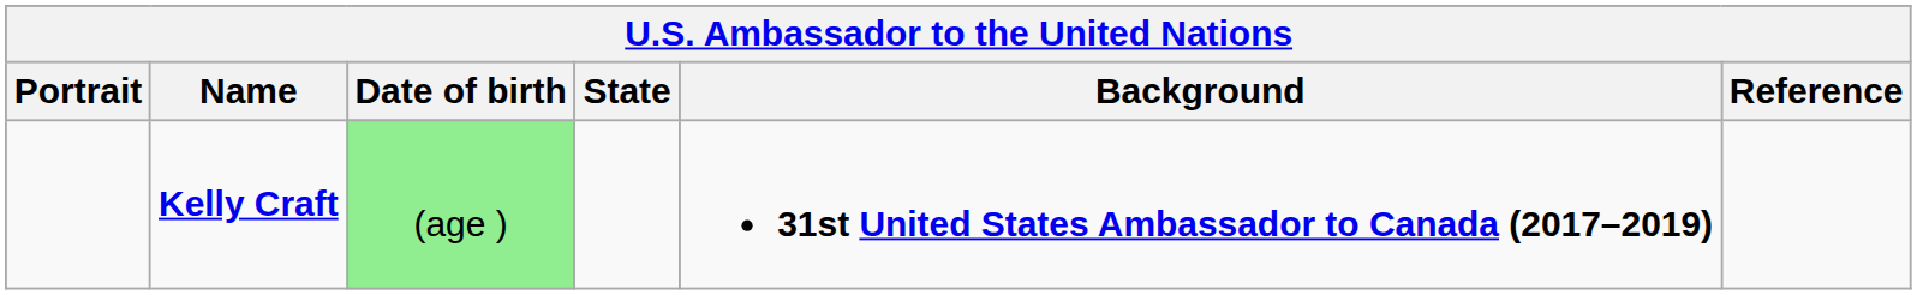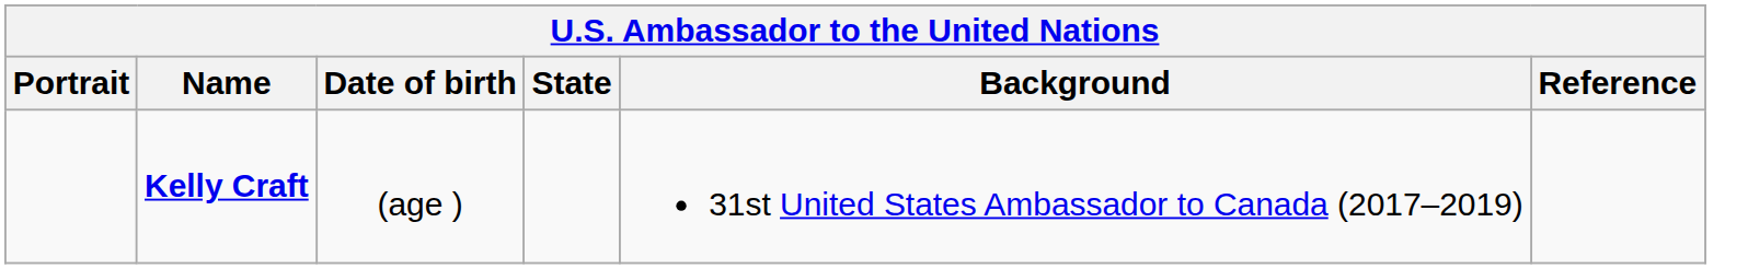 <table class="wikitable collapsible" style="text-align:center;">
 <tr>
 <th colspan="6"><a href='#'>U.S. Ambassador to the United Nations</a></th>
 </tr>
 <tr>
 <th>Portrait</th>
 <th>Name</th>
 <th>Date of birth</th>
 <th>State</th>
 <th>Background</th>
 <th>Reference</th>
 </tr>
 <tr>
 <td></td>
 <td><strong><a href='#'>Kelly Craft</a></strong></td>
-<td style="background: lightgreen;"><br>(age )</td>
+<td><br>(age )</td>
 <td></td>
-<td><strong><br><ul><li>31st <a href='#'>United States Ambassador to Canada</a> (2017–2019)</li></ul></strong></td>
+<td><br><ul><li>31st <a href='#'>United States Ambassador to Canada</a> (2017–2019)</li></ul></td>
 <td></td>
 </tr>
 </table>
